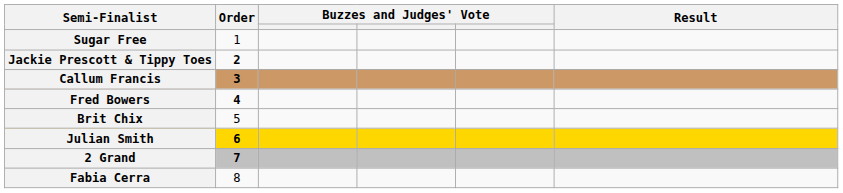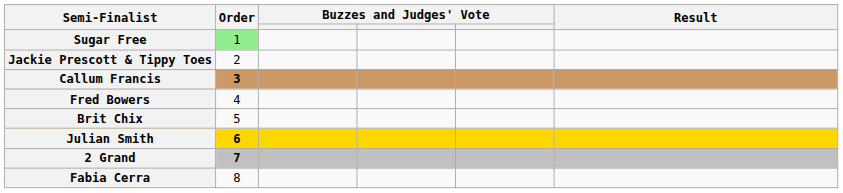 <table class="wikitable plainrowheaders sortable" style="text-align:center;">
 <tr>
 <th scope="col" rowspan=2 class="unsortable" style="width:17em;">Semi-Finalist</th>
 <th scope="col" rowspan=2 style="width:1em;">Order</th>
 <th scope="col" colspan=3 class="unsortable" style="width:24em;">Buzzes and Judges' Vote</th>
 <th scope="col" rowspan=2 style="width:23em;">Result </th>
 </tr>
 <tr>
 <th scope="col" class="unsortable" style="width:6em;"></th>
 <th scope="col" class="unsortable" style="width:6em;"></th>
 <th scope="col" class="unsortable" style="width:6em;"></th>
 </tr>
 <tr>
 <th scope="row">Sugar Free</th>
-<td>1</td>
+<td style="background: lightgreen;">1</td>
 <td style="text-align:center;"></td>
 <td style="text-align:center;"></td>
 <td style="text-align:center;"></td>
 <td></td>
 </tr>
 <tr>
 <th scope="row">Jackie Prescott & Tippy Toes</th>
-<td><strong>2</strong></td>
+<td>2</td>
 <td style="text-align:center;"></td>
 <td style="text-align:center;"></td>
 <td style="text-align:center;"></td>
 <td></td>
 </tr>
 <tr bgcolor=#c96>
 <th scope="row"><strong>Callum Francis</strong></th>
 <td><strong>3</strong></td>
 <td style="text-align:center;"></td>
 <td style="text-align:center;"></td>
 <td style="text-align:center;"></td>
 <td><strong></strong></td>
 </tr>
 <tr>
 <th scope="row">Fred Bowers</th>
-<td><strong>4</strong></td>
+<td>4</td>
 <td style="text-align:center;"></td>
 <td style="text-align:center;"></td>
 <td style="text-align:center;"></td>
 <td></td>
 </tr>
 <tr>
 <th scope="row">Brit Chix</th>
 <td>5</td>
 <td style="text-align:center;"></td>
 <td style="text-align:center;"></td>
 <td style="text-align:center;"></td>
 <td></td>
 </tr>
 <tr bgcolor=gold>
 <th scope="row"><strong>Julian Smith</strong></th>
 <td><strong>6</strong></td>
 <td style="text-align:center;"></td>
 <td style="text-align:center;"></td>
 <td style="text-align:center;"></td>
 <td><strong></strong></td>
 </tr>
 <tr bgcolor=silver>
 <th scope="row"><strong>2 Grand</strong></th>
 <td><strong>7</strong></td>
 <td style="text-align:center;"></td>
 <td style="text-align:center;"></td>
 <td style="text-align:center;"></td>
 <td><strong></strong></td>
 </tr>
 <tr>
 <th scope="row">Fabia Cerra</th>
 <td>8</td>
 <td style="text-align:center;"></td>
 <td style="text-align:center;"></td>
 <td style="text-align:center;"></td>
 <td></td>
 </tr>
 </table>
